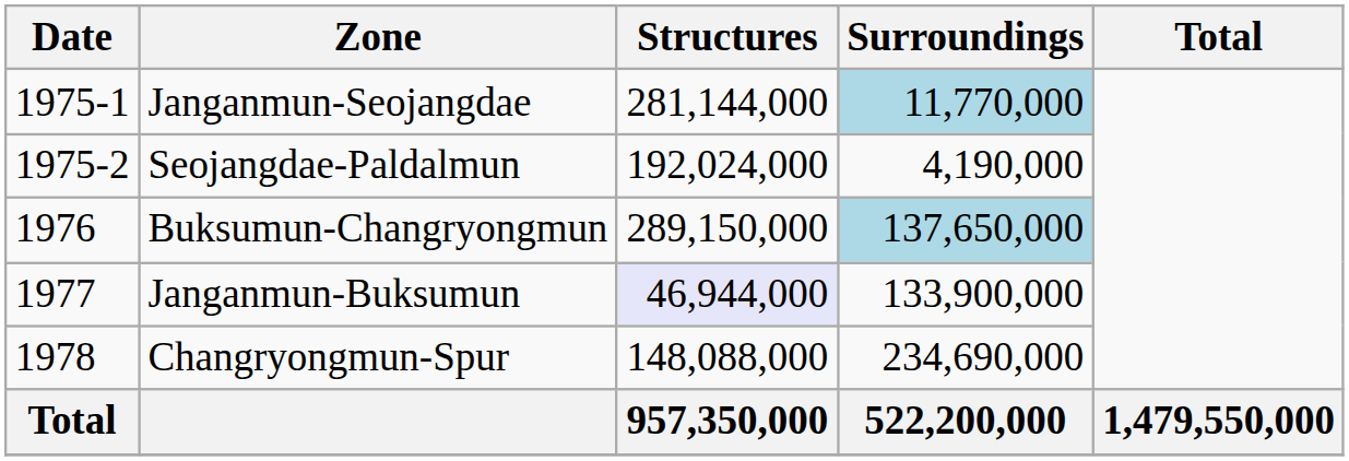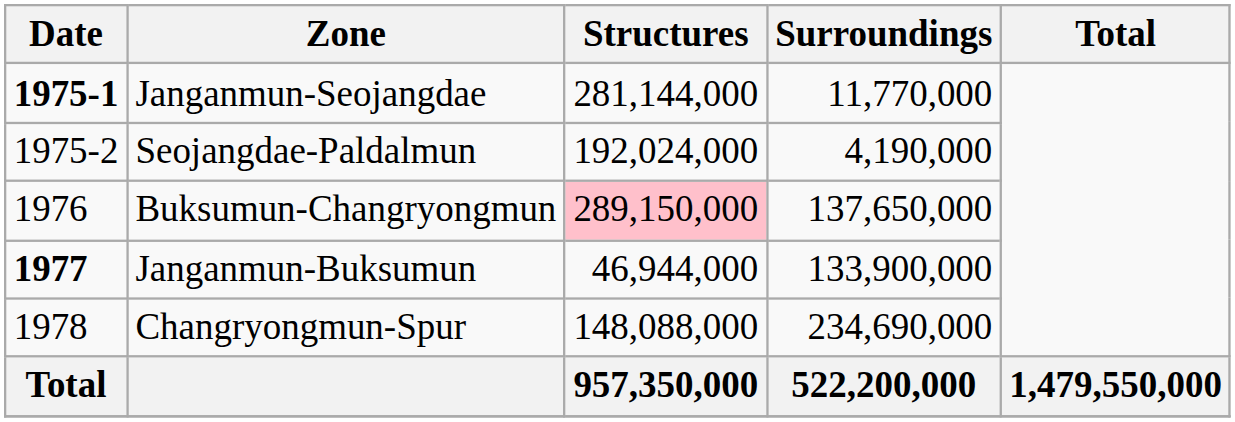 <table class="wikitable">
 <tr>
 <th>Date</th>
 <th>Zone</th>
 <th>Structures</th>
 <th>Surroundings</th>
 <th>Total</th>
 </tr>
 <tr>
-<td>1975-1</td>
+<td><strong>1975-1</strong></td>
 <td>Janganmun-Seojangdae</td>
 <td align=right>281,144,000</td>
-<td align=right style="background: lightblue;">11,770,000</td>
+<td align=right>11,770,000</td>
 <td rowspan=5></td>
 </tr>
 <tr>
 <td>1975-2</td>
 <td>Seojangdae-Paldalmun</td>
 <td align=right>192,024,000</td>
 <td align=right>4,190,000</td>
 </tr>
 <tr>
 <td>1976</td>
 <td>Buksumun-Changryongmun</td>
-<td align=right>289,150,000</td>
-<td align=right style="background: lightblue;">137,650,000</td>
+<td align=right style="background: pink;">289,150,000</td>
+<td align=right>137,650,000</td>
 </tr>
 <tr>
-<td>1977</td>
+<td><strong>1977</strong></td>
 <td>Janganmun-Buksumun</td>
-<td align=right style="background: lavender;">46,944,000</td>
+<td align=right>46,944,000</td>
 <td align=right>133,900,000</td>
 </tr>
 <tr>
 <td>1978</td>
 <td>Changryongmun-Spur</td>
 <td align=right>148,088,000</td>
 <td align=right>234,690,000</td>
 </tr>
 <tr>
 <th>Total</th>
 <th></th>
 <th align=right>957,350,000</th>
 <th align=right>522,200,000</th>
 <th>1,479,550,000</th>
 </tr>
 <tr>
 </tr>
 </table>
